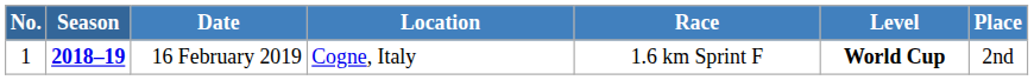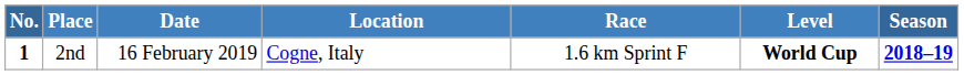 <table class="wikitable sortable" style="font-size:95%; text-align:center; border:grey solid 1px; border-collapse:collapse; background:#ffffff;">
 <tr style="background:#efefef;">
 <th style="background-color:#369; color:white;">No.</th>
-<th style="background-color:#369; color:white;">Season</th>
+<th style="background-color:#4180be; color:white;">Place</th>
 <th style="background-color:#4180be; color:white; width:120px;">Date</th>
 <th style="background-color:#4180be; color:white; width:185px;">Location</th>
 <th style="background-color:#4180be; color:white; width:170px;">Race</th>
 <th style="background-color:#4180be; color:white; width:100px;">Level</th>
-<th style="background-color:#4180be; color:white;">Place</th>
+<th style="background-color:#369; color:white;">Season</th>
 </tr>
 <tr>
-<td align=center>1</td>
-<td align=center><strong><a href='#'>2018–19</a></strong></td>
+<td align=center><strong>1</strong></td>
+<td>2nd</td>
 <td align=right>16 February 2019</td>
 <td align=left> <a href='#'>Cogne</a>, Italy</td>
 <td>1.6 km Sprint F</td>
 <td><strong>World Cup</strong></td>
-<td>2nd</td>
+<td align=center><strong><a href='#'>2018–19</a></strong></td>
 </tr>
 </table>
